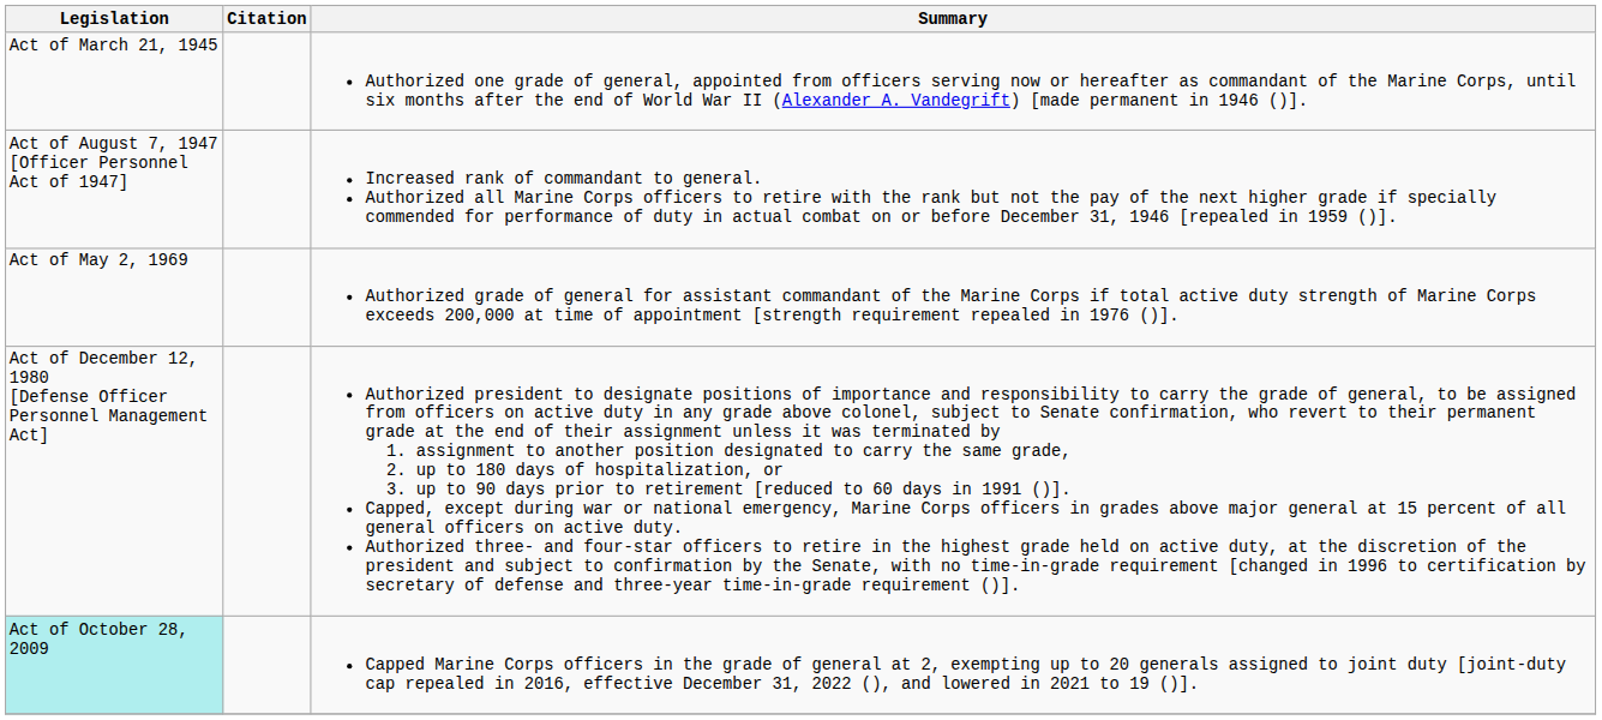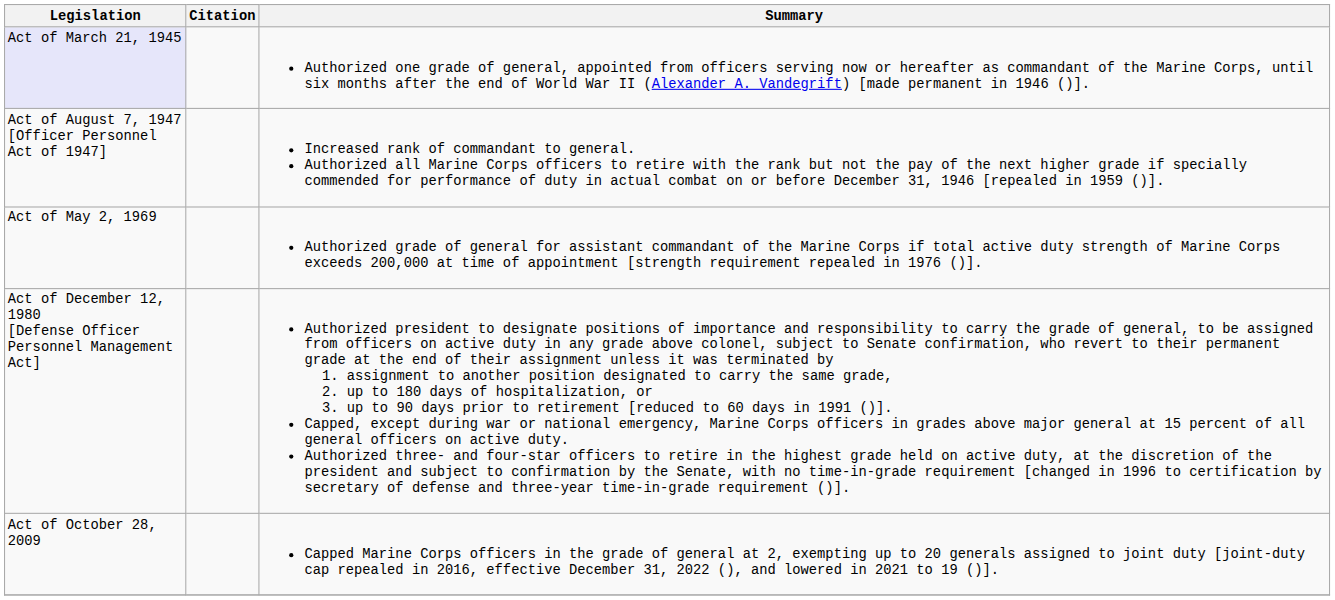 <table class="wikitable">
 <tr>
 <th width=165>Legislation</th>
 <th>Citation</th>
 <th>Summary</th>
 </tr>
 <tr valign=top>
-<td>Act of March 21, 1945</td>
+<td style="background: lavender;">Act of March 21, 1945</td>
 <td> </td>
 <td><br><ul><li>Authorized one grade of general, appointed from officers serving now or hereafter as commandant of the Marine Corps, until six months after the end of World War II (<a href='#'>Alexander A. Vandegrift</a>) [made permanent in 1946 ()].</li></ul></td>
 </tr>
 <tr valign=top>
 <td>Act of August 7, 1947<br>[Officer Personnel Act of 1947]</td>
 <td> <br> </td>
 <td><br><ul><li>Increased rank of commandant to general.</li><li>Authorized all Marine Corps officers to retire with the rank but not the pay of the next higher grade if specially commended for performance of duty in actual combat on or before December 31, 1946 [repealed in 1959 ()].</li></ul></td>
 </tr>
 <tr valign=top>
 <td>Act of May 2, 1969</td>
 <td> </td>
 <td><br><ul><li>Authorized grade of general for assistant commandant of the Marine Corps if total active duty strength of Marine Corps exceeds 200,000 at time of appointment [strength requirement repealed in 1976 ()].</li></ul></td>
 </tr>
 <tr valign=top>
 <td>Act of December 12, 1980<br>[Defense Officer Personnel Management Act]</td>
 <td> <br> <br> </td>
 <td><br><ul><li>Authorized president to designate positions of importance and responsibility to carry the grade of general, to be assigned from officers on active duty in any grade above colonel, subject to Senate confirmation, who revert to their permanent grade at the end of their assignment unless it was terminated by<ol><li>assignment to another position designated to carry the same grade,</li><li>up to 180 days of hospitalization, or</li><li>up to 90 days prior to retirement [reduced to 60 days in 1991 ()].</li></ol></li><li>Capped, except during war or national emergency, Marine Corps officers in grades above major general at 15 percent of all general officers on active duty.</li><li>Authorized three- and four-star officers to retire in the highest grade held on active duty, at the discretion of the president and subject to confirmation by the Senate, with no time-in-grade requirement [changed in 1996 to certification by secretary of defense and three-year time-in-grade requirement ()].</li></ul></td>
 </tr>
 <tr valign=top>
-<td style="background: paleturquoise;">Act of October 28, 2009</td>
+<td>Act of October 28, 2009</td>
 <td> <br> </td>
 <td><br><ul><li>Capped Marine Corps officers in the grade of general at 2, exempting up to 20 generals assigned to joint duty [joint-duty cap repealed in 2016, effective December 31, 2022 (), and lowered in 2021 to 19 ()].</li></ul></td>
 </tr>
 <tr>
 </tr>
 </table>
